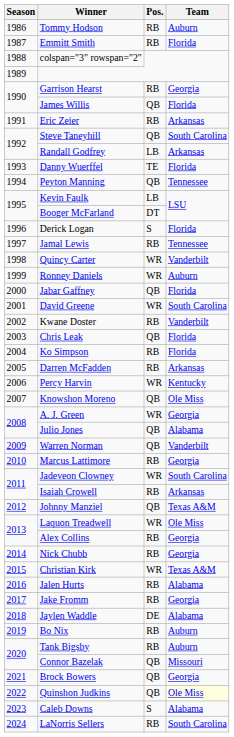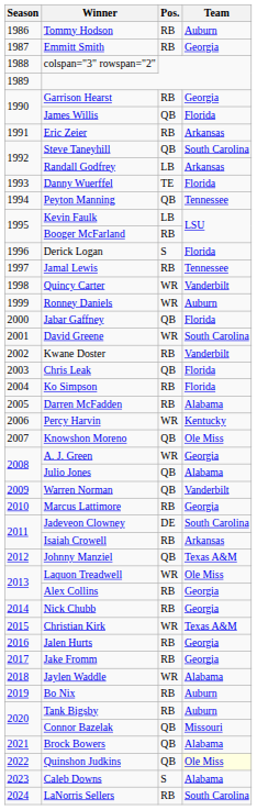 <table class="wikitable sortable">
 <tr>
 <th>Season</th>
 <th>Winner</th>
 <th>Pos.</th>
 <th>Team</th>
 </tr>
 <tr>
 <td>1986</td>
 <td><a href='#'>Tommy Hodson</a></td>
 <td>RB</td>
 <td><a href='#'>Auburn</a></td>
 </tr>
 <tr>
 <td>1987</td>
 <td><a href='#'>Emmitt Smith</a></td>
 <td>RB</td>
-<td><a href='#'>Florida</a></td>
+<td><a href='#'>Georgia</a></td>
 </tr>
 <tr>
 <td>1988</td>
 <td>colspan="3" rowspan="2" </td>
 </tr>
 <tr>
 <td>1989</td>
 </tr>
 <tr>
 <td rowspan="2">1990</td>
 <td><a href='#'>Garrison Hearst</a></td>
 <td>RB</td>
 <td><a href='#'>Georgia</a></td>
 </tr>
 <tr>
 <td><a href='#'>James Willis</a></td>
 <td>QB</td>
 <td><a href='#'>Florida</a></td>
 </tr>
 <tr>
 <td>1991</td>
 <td><a href='#'>Eric Zeier</a></td>
 <td>RB</td>
 <td><a href='#'>Arkansas</a></td>
 </tr>
 <tr>
 <td rowspan="2">1992</td>
 <td><a href='#'>Steve Taneyhill</a></td>
 <td>QB</td>
 <td><a href='#'>South Carolina</a></td>
 </tr>
 <tr>
 <td><a href='#'>Randall Godfrey</a></td>
 <td>LB</td>
 <td><a href='#'>Arkansas</a></td>
 </tr>
 <tr>
 <td>1993</td>
 <td><a href='#'>Danny Wuerffel</a></td>
 <td>TE</td>
 <td><a href='#'>Florida</a></td>
 </tr>
 <tr>
 <td>1994</td>
 <td><a href='#'>Peyton Manning</a></td>
 <td>QB</td>
 <td><a href='#'>Tennessee</a></td>
 </tr>
 <tr>
 <td rowspan="2">1995</td>
 <td><a href='#'>Kevin Faulk</a></td>
 <td>LB</td>
 <td rowspan="2"><a href='#'>LSU</a></td>
 </tr>
 <tr>
 <td><a href='#'>Booger McFarland</a></td>
-<td>DT</td>
+<td>RB</td>
 </tr>
 <tr>
 <td>1996</td>
 <td>Derick Logan</td>
 <td>S</td>
 <td><a href='#'>Florida</a></td>
 </tr>
 <tr>
 <td>1997</td>
 <td><a href='#'>Jamal Lewis</a></td>
 <td>RB</td>
 <td><a href='#'>Tennessee</a></td>
 </tr>
 <tr>
 <td>1998</td>
 <td><a href='#'>Quincy Carter</a></td>
 <td>WR</td>
 <td><a href='#'>Vanderbilt</a></td>
 </tr>
 <tr>
 <td>1999</td>
 <td><a href='#'>Ronney Daniels</a></td>
 <td>WR</td>
 <td><a href='#'>Auburn</a></td>
 </tr>
 <tr>
 <td>2000</td>
 <td><a href='#'>Jabar Gaffney</a></td>
 <td>QB</td>
 <td><a href='#'>Florida</a></td>
 </tr>
 <tr>
 <td>2001</td>
 <td><a href='#'>David Greene</a></td>
 <td>WR</td>
 <td><a href='#'>South Carolina</a></td>
 </tr>
 <tr>
 <td>2002</td>
 <td>Kwane Doster</td>
 <td>RB</td>
 <td><a href='#'>Vanderbilt</a></td>
 </tr>
 <tr>
 <td>2003</td>
 <td><a href='#'>Chris Leak</a></td>
 <td>QB</td>
 <td><a href='#'>Florida</a></td>
 </tr>
 <tr>
 <td>2004</td>
 <td><a href='#'>Ko Simpson</a></td>
 <td>RB</td>
 <td><a href='#'>Florida</a></td>
 </tr>
 <tr>
 <td>2005</td>
 <td><a href='#'>Darren McFadden</a></td>
 <td>RB</td>
-<td><a href='#'>Arkansas</a></td>
+<td><a href='#'>Alabama</a></td>
 </tr>
 <tr>
 <td>2006</td>
 <td><a href='#'>Percy Harvin</a></td>
 <td>WR</td>
 <td><a href='#'>Kentucky</a></td>
 </tr>
 <tr>
 <td>2007</td>
 <td><a href='#'>Knowshon Moreno</a></td>
 <td>QB</td>
 <td><a href='#'>Ole Miss</a></td>
 </tr>
 <tr>
 <td rowspan="2"><a href='#'>2008</a></td>
 <td><a href='#'>A. J. Green</a></td>
 <td>WR</td>
 <td><a href='#'>Georgia</a></td>
 </tr>
 <tr>
 <td><a href='#'>Julio Jones</a></td>
 <td>QB</td>
 <td><a href='#'>Alabama</a></td>
 </tr>
 <tr>
 <td><a href='#'>2009</a></td>
 <td><a href='#'>Warren Norman</a></td>
 <td>QB</td>
 <td><a href='#'>Vanderbilt</a></td>
 </tr>
 <tr>
 <td><a href='#'>2010</a></td>
 <td><a href='#'>Marcus Lattimore</a></td>
 <td>RB</td>
 <td><a href='#'>Georgia</a></td>
 </tr>
 <tr>
 <td rowspan="2"><a href='#'>2011</a></td>
 <td><a href='#'>Jadeveon Clowney</a></td>
-<td>WR</td>
+<td>DE</td>
 <td><a href='#'>South Carolina</a></td>
 </tr>
 <tr>
 <td><a href='#'>Isaiah Crowell</a></td>
 <td>RB</td>
 <td><a href='#'>Arkansas</a></td>
 </tr>
 <tr>
 <td><a href='#'>2012</a></td>
 <td><a href='#'>Johnny Manziel</a></td>
 <td>QB</td>
 <td><a href='#'>Texas A&M</a></td>
 </tr>
 <tr>
 <td rowspan="2"><a href='#'>2013</a></td>
 <td><a href='#'>Laquon Treadwell</a></td>
 <td>WR</td>
 <td><a href='#'>Ole Miss</a></td>
 </tr>
 <tr>
 <td><a href='#'>Alex Collins</a></td>
 <td>RB</td>
 <td><a href='#'>Georgia</a></td>
 </tr>
 <tr>
 <td><a href='#'>2014</a></td>
 <td><a href='#'>Nick Chubb</a></td>
 <td>RB</td>
 <td><a href='#'>Georgia</a></td>
 </tr>
 <tr>
 <td><a href='#'>2015</a></td>
 <td><a href='#'>Christian Kirk</a></td>
 <td>WR</td>
 <td><a href='#'>Texas A&M</a></td>
 </tr>
 <tr>
 <td><a href='#'>2016</a></td>
 <td><a href='#'>Jalen Hurts</a></td>
 <td>RB</td>
-<td><a href='#'>Alabama</a></td>
+<td><a href='#'>Georgia</a></td>
 </tr>
 <tr>
 <td><a href='#'>2017</a></td>
 <td><a href='#'>Jake Fromm</a></td>
 <td>RB</td>
 <td><a href='#'>Georgia</a></td>
 </tr>
 <tr>
 <td><a href='#'>2018</a></td>
 <td><a href='#'>Jaylen Waddle</a></td>
-<td>DE</td>
+<td>WR</td>
 <td><a href='#'>Alabama</a></td>
 </tr>
 <tr>
 <td><a href='#'>2019</a></td>
 <td><a href='#'>Bo Nix</a></td>
 <td>RB</td>
 <td><a href='#'>Auburn</a></td>
 </tr>
 <tr>
 <td rowspan="2"><a href='#'>2020</a></td>
 <td><a href='#'>Tank Bigsby</a></td>
 <td>RB</td>
 <td><a href='#'>Auburn</a></td>
 </tr>
 <tr>
 <td><a href='#'>Connor Bazelak</a></td>
 <td>QB</td>
 <td><a href='#'>Missouri</a></td>
 </tr>
 <tr>
 <td><a href='#'>2021</a></td>
 <td><a href='#'>Brock Bowers</a></td>
 <td>QB</td>
-<td><a href='#'>Georgia</a></td>
+<td><a href='#'>Alabama</a></td>
 </tr>
 <tr>
 <td><a href='#'>2022</a></td>
 <td><a href='#'>Quinshon Judkins</a></td>
 <td>QB</td>
 <td style="background: lightyellow;"><a href='#'>Ole Miss</a></td>
 </tr>
 <tr>
 <td><a href='#'>2023</a></td>
 <td><a href='#'>Caleb Downs</a></td>
 <td>S</td>
 <td><a href='#'>Alabama</a></td>
 </tr>
 <tr>
 <td><a href='#'>2024</a></td>
 <td><a href='#'>LaNorris Sellers</a></td>
 <td>RB</td>
 <td><a href='#'>South Carolina</a></td>
 </tr>
 </table>
